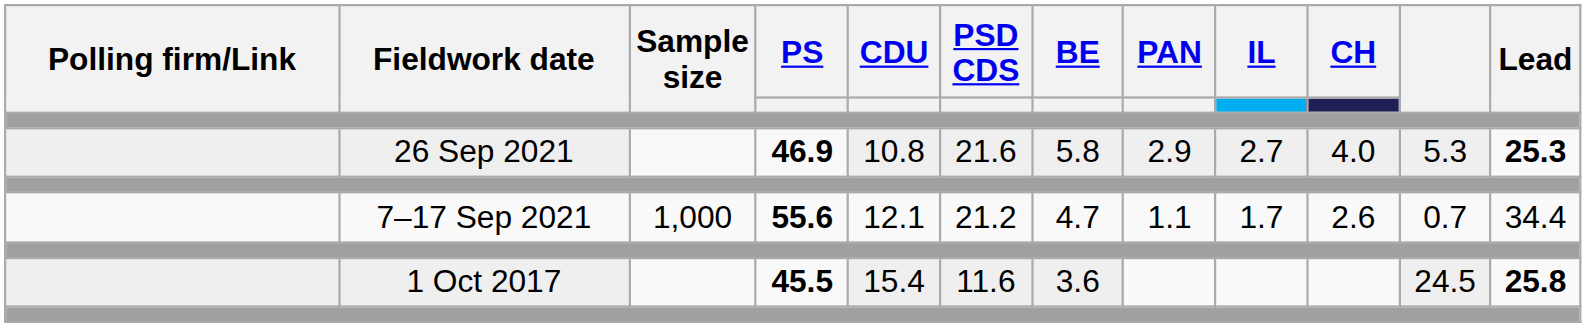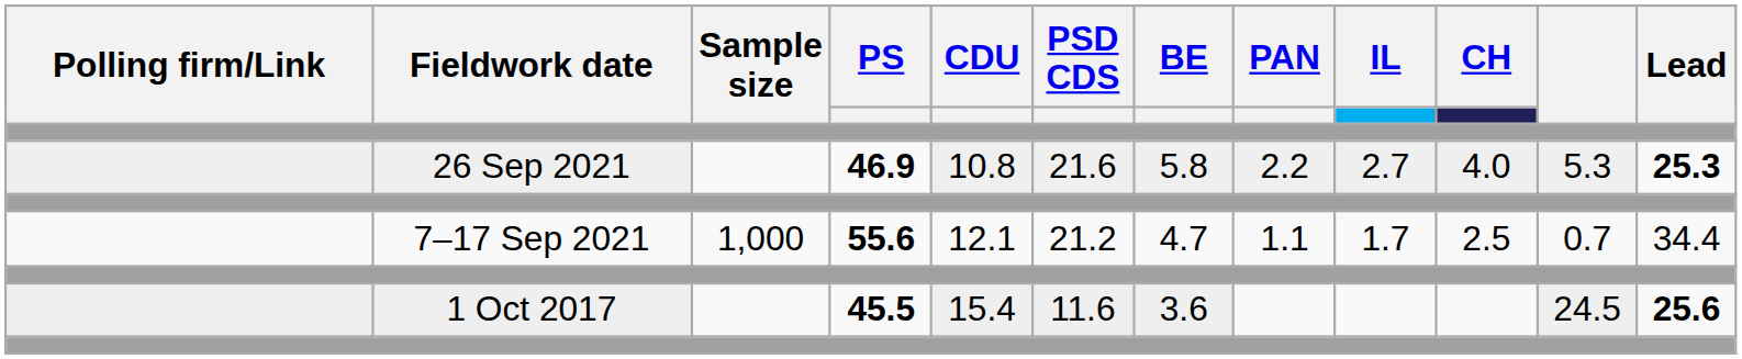 <table class="wikitable sortable mw-datatable" style="text-align:center;font-size:90%;line-height:16px;">
 <tr style="height:42px;">
 <th style="width:145px;" rowspan="2">Polling firm/Link</th>
 <th style="width:125px;" rowspan="2">Fieldwork date</th>
 <th class="unsortable" style="width:50px;" rowspan="2">Sample size</th>
 <th class="unsortable" style="width:35px;"><a href='#'>PS</a></th>
 <th class="unsortable" style="width:35px;"><a href='#'>CDU</a></th>
 <th class="unsortable" style="width:35px;"><a href='#'>PSD</a><br><a href='#'>CDS</a></th>
 <th class="unsortable" style="width:35px;"><a href='#'>BE</a></th>
 <th class="unsortable" style="width:35px;"><a href='#'>PAN</a></th>
 <th class="unsortable" style="width:35px;"><a href='#'>IL</a></th>
 <th class="unsortable" style="width:35px;"><a href='#'>CH</a></th>
 <th class="unsortable" style="width:35px;" rowspan="2"></th>
 <th class="unsortable" style="width:30px;" rowspan="2">Lead</th>
 </tr>
 <tr>
 <th class="unsortable" style="color:inherit;background:"></th>
 <th class="unsortable" style="color:inherit;background:"></th>
 <th class="unsortable" style="color:inherit;background:"></th>
 <th class="unsortable" style="color:inherit;background:"></th>
 <th class="sortable" style="background:"></th>
 <th class="sortable" style="background:#00ADEF;"></th>
 <th class="sortable" style="background:#202056;"></th>
 </tr>
 <tr>
 <td colspan="15" style="background:#A0A0A0"></td>
 </tr>
 <tr>
 <td style="background:#EFEFEF;"><strong></strong></td>
 <td style="background:#EFEFEF;" data-sort-value="2019-10-06">26 Sep 2021</td>
 <td></td>
 <td><strong>46.9</strong><br></td>
 <td style="background:#EFEFEF;">10.8<br></td>
 <td style="background:#EFEFEF;">21.6<br></td>
 <td style="background:#EFEFEF;">5.8<br></td>
-<td style="background:#EFEFEF;">2.9<br></td>
+<td style="background:#EFEFEF;">2.2<br></td>
 <td style="background:#EFEFEF;">2.7<br></td>
 <td style="background:#EFEFEF;">4.0<br></td>
 <td style="background:#EFEFEF;">5.3</td>
 <td style="background:"><strong>25.3</strong></td>
 </tr>
 <tr>
 <td colspan="15" style="background:#A0A0A0"></td>
 </tr>
 <tr>
 <td align="center"><br></td>
 <td align="center">7–17 Sep 2021</td>
 <td align="center">1,000</td>
 <td align="center" ><strong>55.6</strong><br></td>
 <td align="center">12.1<br></td>
 <td align="center">21.2<br></td>
 <td align="center">4.7<br></td>
 <td align="center">1.1<br></td>
 <td align="center">1.7<br></td>
-<td align="center">2.6<br></td>
+<td align="center">2.5<br></td>
 <td align="center">0.7</td>
 <td style="background:">34.4</td>
 </tr>
 <tr>
 <td colspan="15" style="background:#A0A0A0"></td>
 </tr>
 <tr>
 <td style="background:#EFEFEF;"><strong></strong></td>
 <td style="background:#EFEFEF;" data-sort-value="2019-10-06">1 Oct 2017</td>
 <td></td>
 <td><strong>45.5</strong><br></td>
 <td style="background:#EFEFEF;">15.4<br></td>
 <td style="background:#EFEFEF;">11.6<br></td>
 <td style="background:#EFEFEF;">3.6<br></td>
 <td></td>
 <td></td>
 <td></td>
 <td style="background:#EFEFEF;">24.5<br></td>
-<td style="background:"><strong>25.8</strong></td>
+<td style="background:"><strong>25.6</strong></td>
 </tr>
 <tr>
 <td colspan="15" style="background:#A0A0A0"></td>
 </tr>
 </table>
